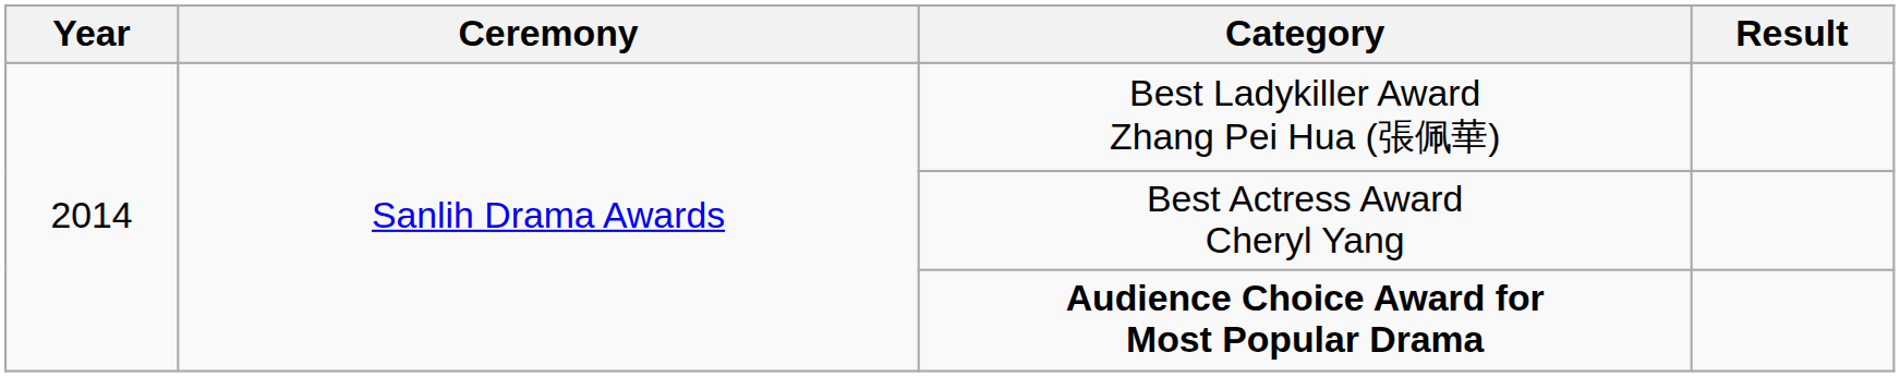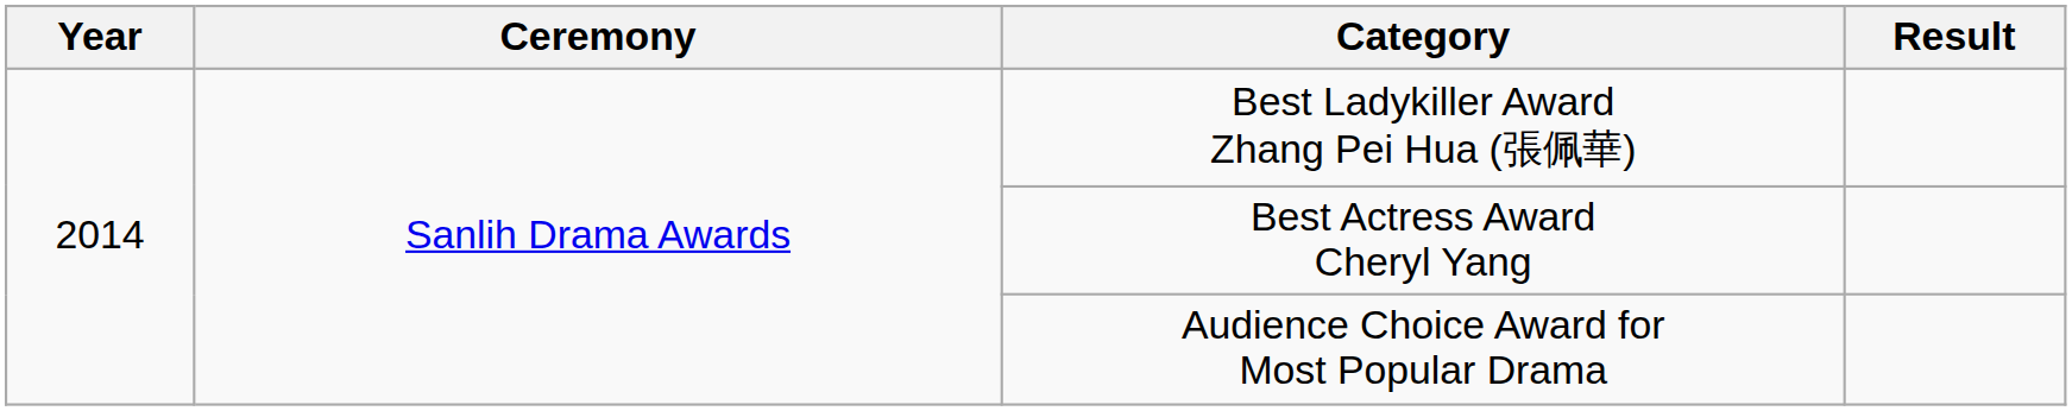 <table class="wikitable" width="65%">
 <tr>
 <th style="width:50px;">Year</th>
 <th style="width:240px;">Ceremony</th>
 <th style="width:250px;">Category</th>
 <th style="width:60px;">Result</th>
 </tr>
 <tr>
 <td align="center" rowspan=3>2014</td>
 <td align="center" rowspan=3><a href='#'>Sanlih Drama Awards</a></td>
 <td align="center">Best Ladykiller Award <br> Zhang Pei Hua (張佩華)</td>
 <td></td>
 </tr>
 <tr>
 <td align="center">Best Actress Award <br> Cheryl Yang</td>
 <td></td>
 </tr>
 <tr>
-<td align="center"><strong>Audience Choice Award for<br>Most Popular Drama</strong></td>
+<td align="center">Audience Choice Award for<br>Most Popular Drama</td>
 <td></td>
 </tr>
 </table>
